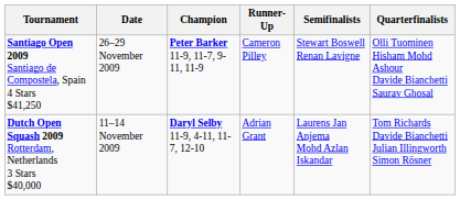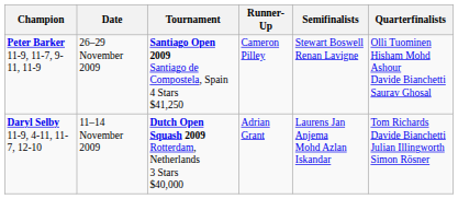 <table class="wikitable" style="font-size:88%">
 <tr>
+<th>Champion</th>
+<th>Date</th>
 <th>Tournament</th>
-<th>Date</th>
-<th>Champion</th>
 <th>Runner-Up</th>
 <th>Semifinalists</th>
 <th>Quarterfinalists</th>
 </tr>
 <tr valign=top>
+<td> <strong><a href='#'>Peter Barker</a></strong><br>11-9, 11-7, 9-11, 11-9</td>
+<td>26–29 November 2009</td>
 <td><strong><a href='#'>Santiago Open</a> 2009</strong><br> <a href='#'>Santiago de Compostela</a>, Spain<br>4 Stars<br>$41,250</td>
-<td>26–29 November 2009</td>
-<td> <strong><a href='#'>Peter Barker</a></strong><br>11-9, 11-7, 9-11, 11-9</td>
 <td> <a href='#'>Cameron Pilley</a></td>
 <td> <a href='#'>Stewart Boswell</a><br> <a href='#'>Renan Lavigne</a></td>
 <td> <a href='#'>Olli Tuominen</a><br> <a href='#'>Hisham Mohd Ashour</a><br> <a href='#'>Davide Bianchetti</a><br> <a href='#'>Saurav Ghosal</a></td>
 </tr>
 <tr valign=top>
+<td> <strong><a href='#'>Daryl Selby</a></strong><br>11-9, 4-11, 11-7, 12-10</td>
+<td>11–14 November 2009</td>
 <td><strong><a href='#'>Dutch Open Squash</a> 2009</strong><br> <a href='#'>Rotterdam</a>, Netherlands<br>3 Stars<br>$40,000</td>
-<td>11–14 November 2009</td>
-<td> <strong><a href='#'>Daryl Selby</a></strong><br>11-9, 4-11, 11-7, 12-10</td>
 <td> <a href='#'>Adrian Grant</a></td>
 <td> <a href='#'>Laurens Jan Anjema</a><br> <a href='#'>Mohd Azlan Iskandar</a></td>
 <td> <a href='#'>Tom Richards</a><br> <a href='#'>Davide Bianchetti</a><br> <a href='#'>Julian Illingworth</a><br> <a href='#'>Simon Rösner</a></td>
 </tr>
 </table>
